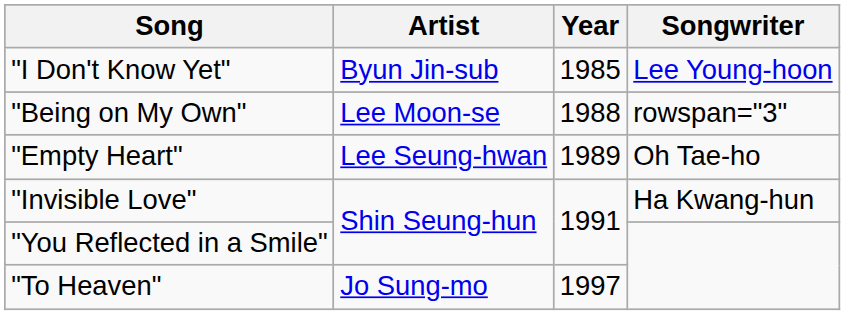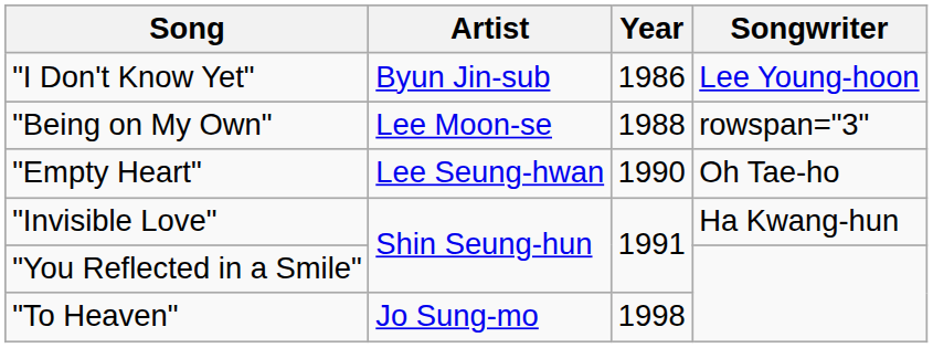 <table class="wikitable">
 <tr>
 <th>Song</th>
 <th>Artist</th>
 <th>Year</th>
 <th>Songwriter</th>
 </tr>
 <tr>
 <td>"I Don't Know Yet"</td>
 <td><a href='#'>Byun Jin-sub</a></td>
-<td>1985</td>
+<td>1986</td>
 <td><a href='#'>Lee Young-hoon</a></td>
 </tr>
 <tr>
 <td>"Being on My Own"</td>
 <td><a href='#'>Lee Moon-se</a></td>
 <td>1988</td>
 <td>rowspan="3" </td>
 </tr>
 <tr>
 <td>"Empty Heart"</td>
 <td><a href='#'>Lee Seung-hwan</a></td>
-<td>1989</td>
+<td>1990</td>
 <td>Oh Tae-ho</td>
 </tr>
 <tr>
 <td>"Invisible Love"</td>
 <td rowspan="2"><a href='#'>Shin Seung-hun</a></td>
 <td rowspan="2">1991</td>
 <td>Ha Kwang-hun</td>
 </tr>
 <tr>
 <td>"You Reflected in a Smile"</td>
 </tr>
 <tr>
 <td>"To Heaven"</td>
 <td><a href='#'>Jo Sung-mo</a></td>
-<td>1997</td>
+<td>1998</td>
 </tr>
 </table>
